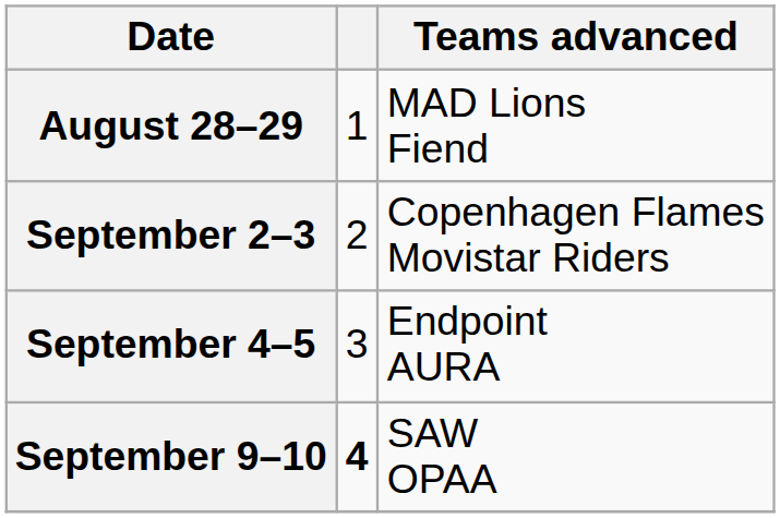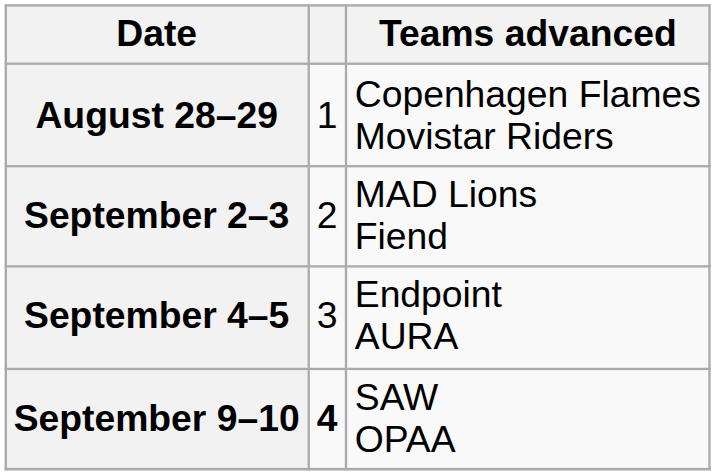 <table class="wikitable plainrowheaders" style="text-align:center; margin-left:1em; float:right; clear:right; min-width:226p">
 <tr>
 <th scope="col">Date</th>
 <th scope="col"></th>
 <th scope="col">Teams advanced</th>
 </tr>
 <tr>
 <th scope="row" style="text-align: center;">August 28–29</th>
 <td>1</td>
-<td align="left">MAD Lions<br>Fiend</td>
+<td align="left">Copenhagen Flames<br>Movistar Riders</td>
 </tr>
 <tr>
 <th scope="row" style="text-align: center;">September 2–3</th>
 <td>2</td>
-<td align="left">Copenhagen Flames<br>Movistar Riders</td>
+<td align="left">MAD Lions<br>Fiend</td>
 </tr>
 <tr>
 <th scope="row" style="text-align: center;">September 4–5</th>
 <td>3</td>
 <td align="left">Endpoint<br>AURA</td>
 </tr>
 <tr>
 <th scope="row" style="text-align: center;">September 9–10</th>
 <td><strong>4</strong></td>
 <td align="left">SAW<br>OPAA</td>
 </tr>
 <tr>
 </tr>
 </table>
